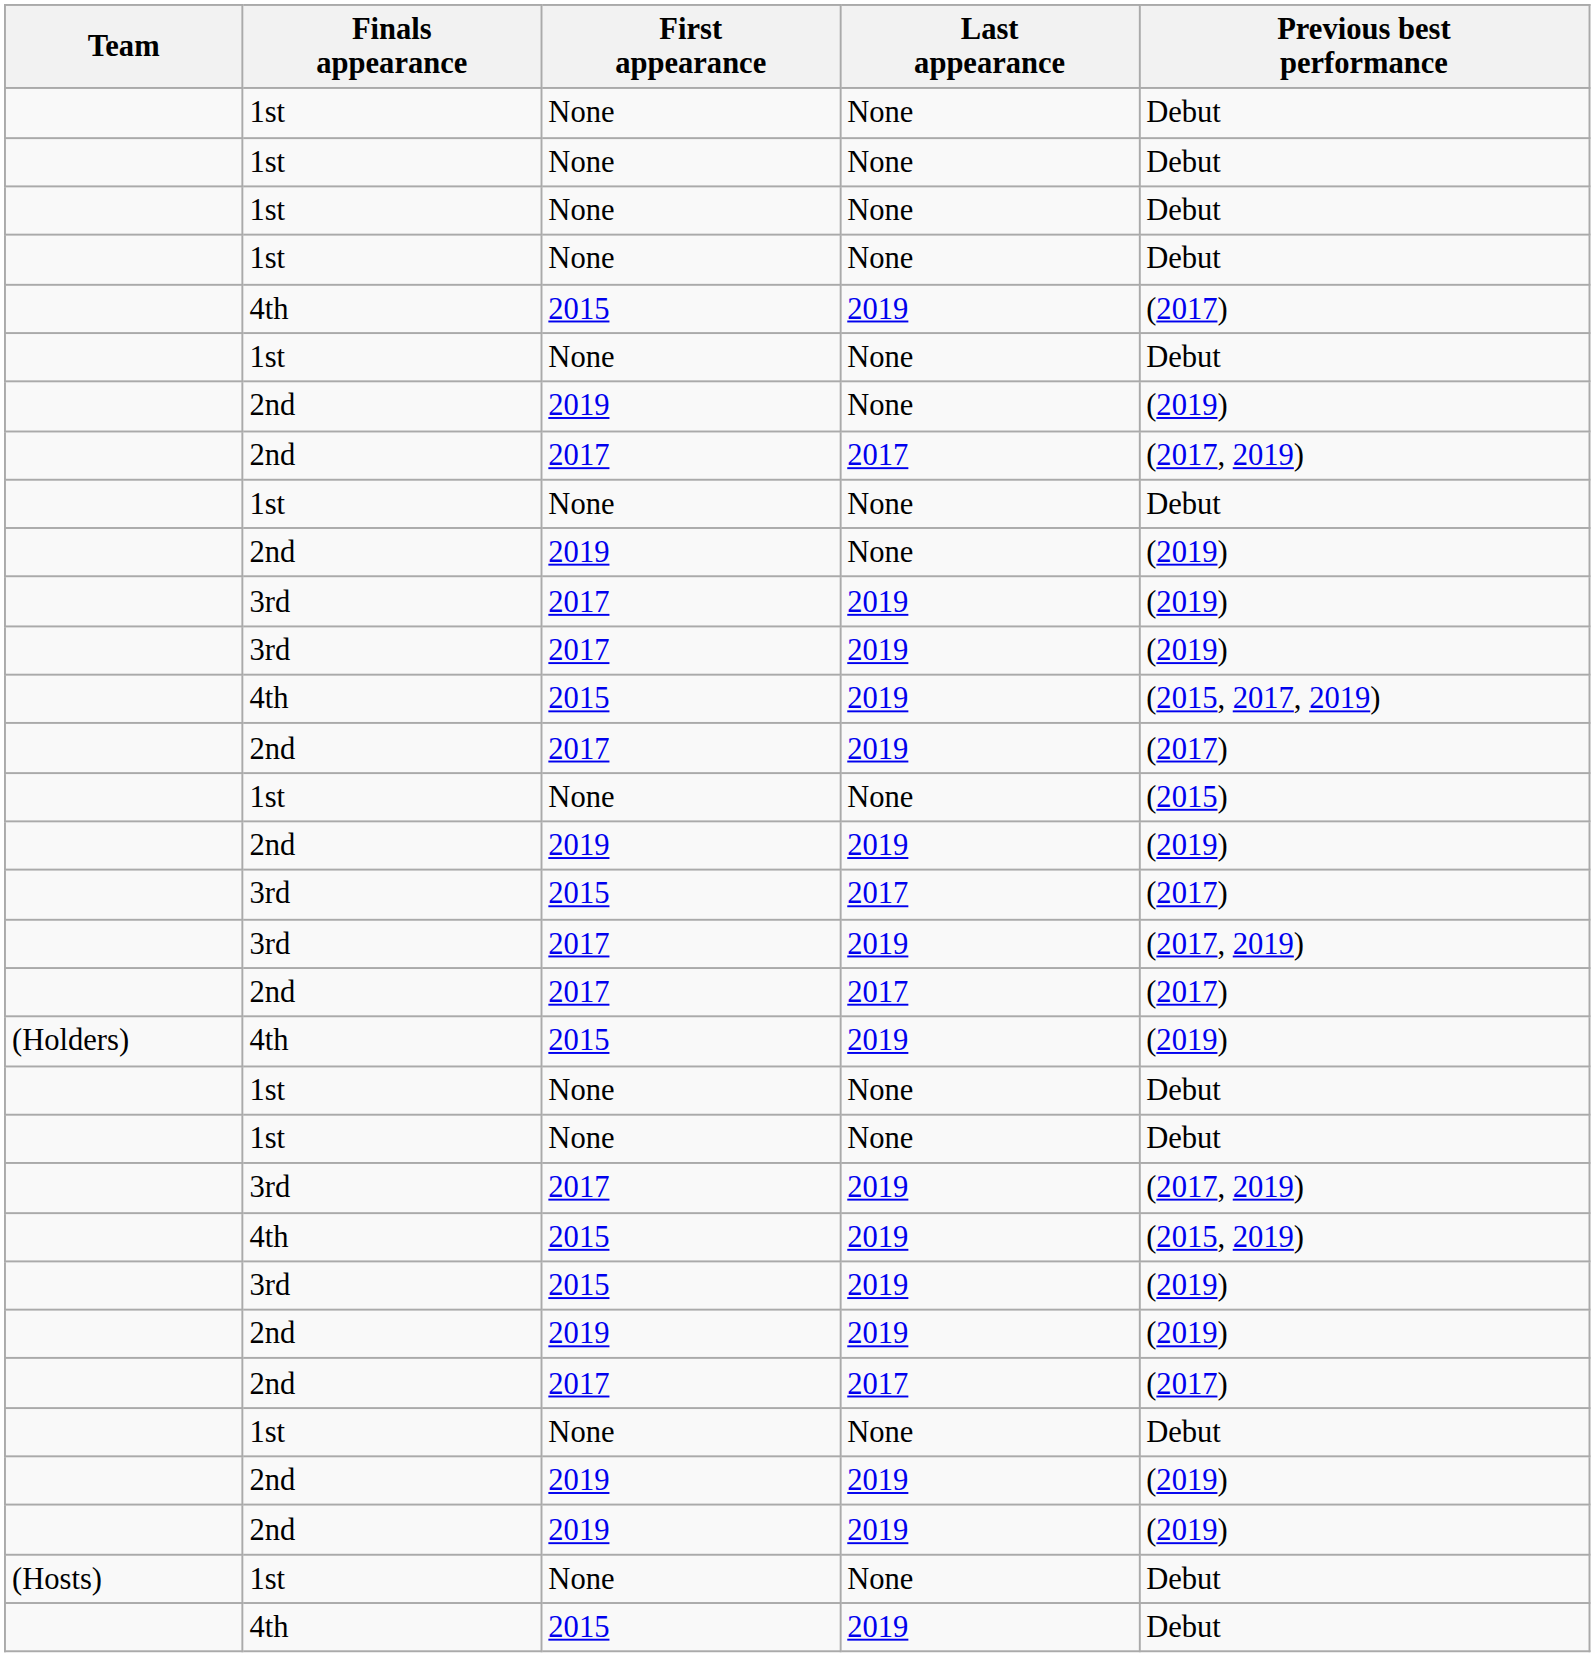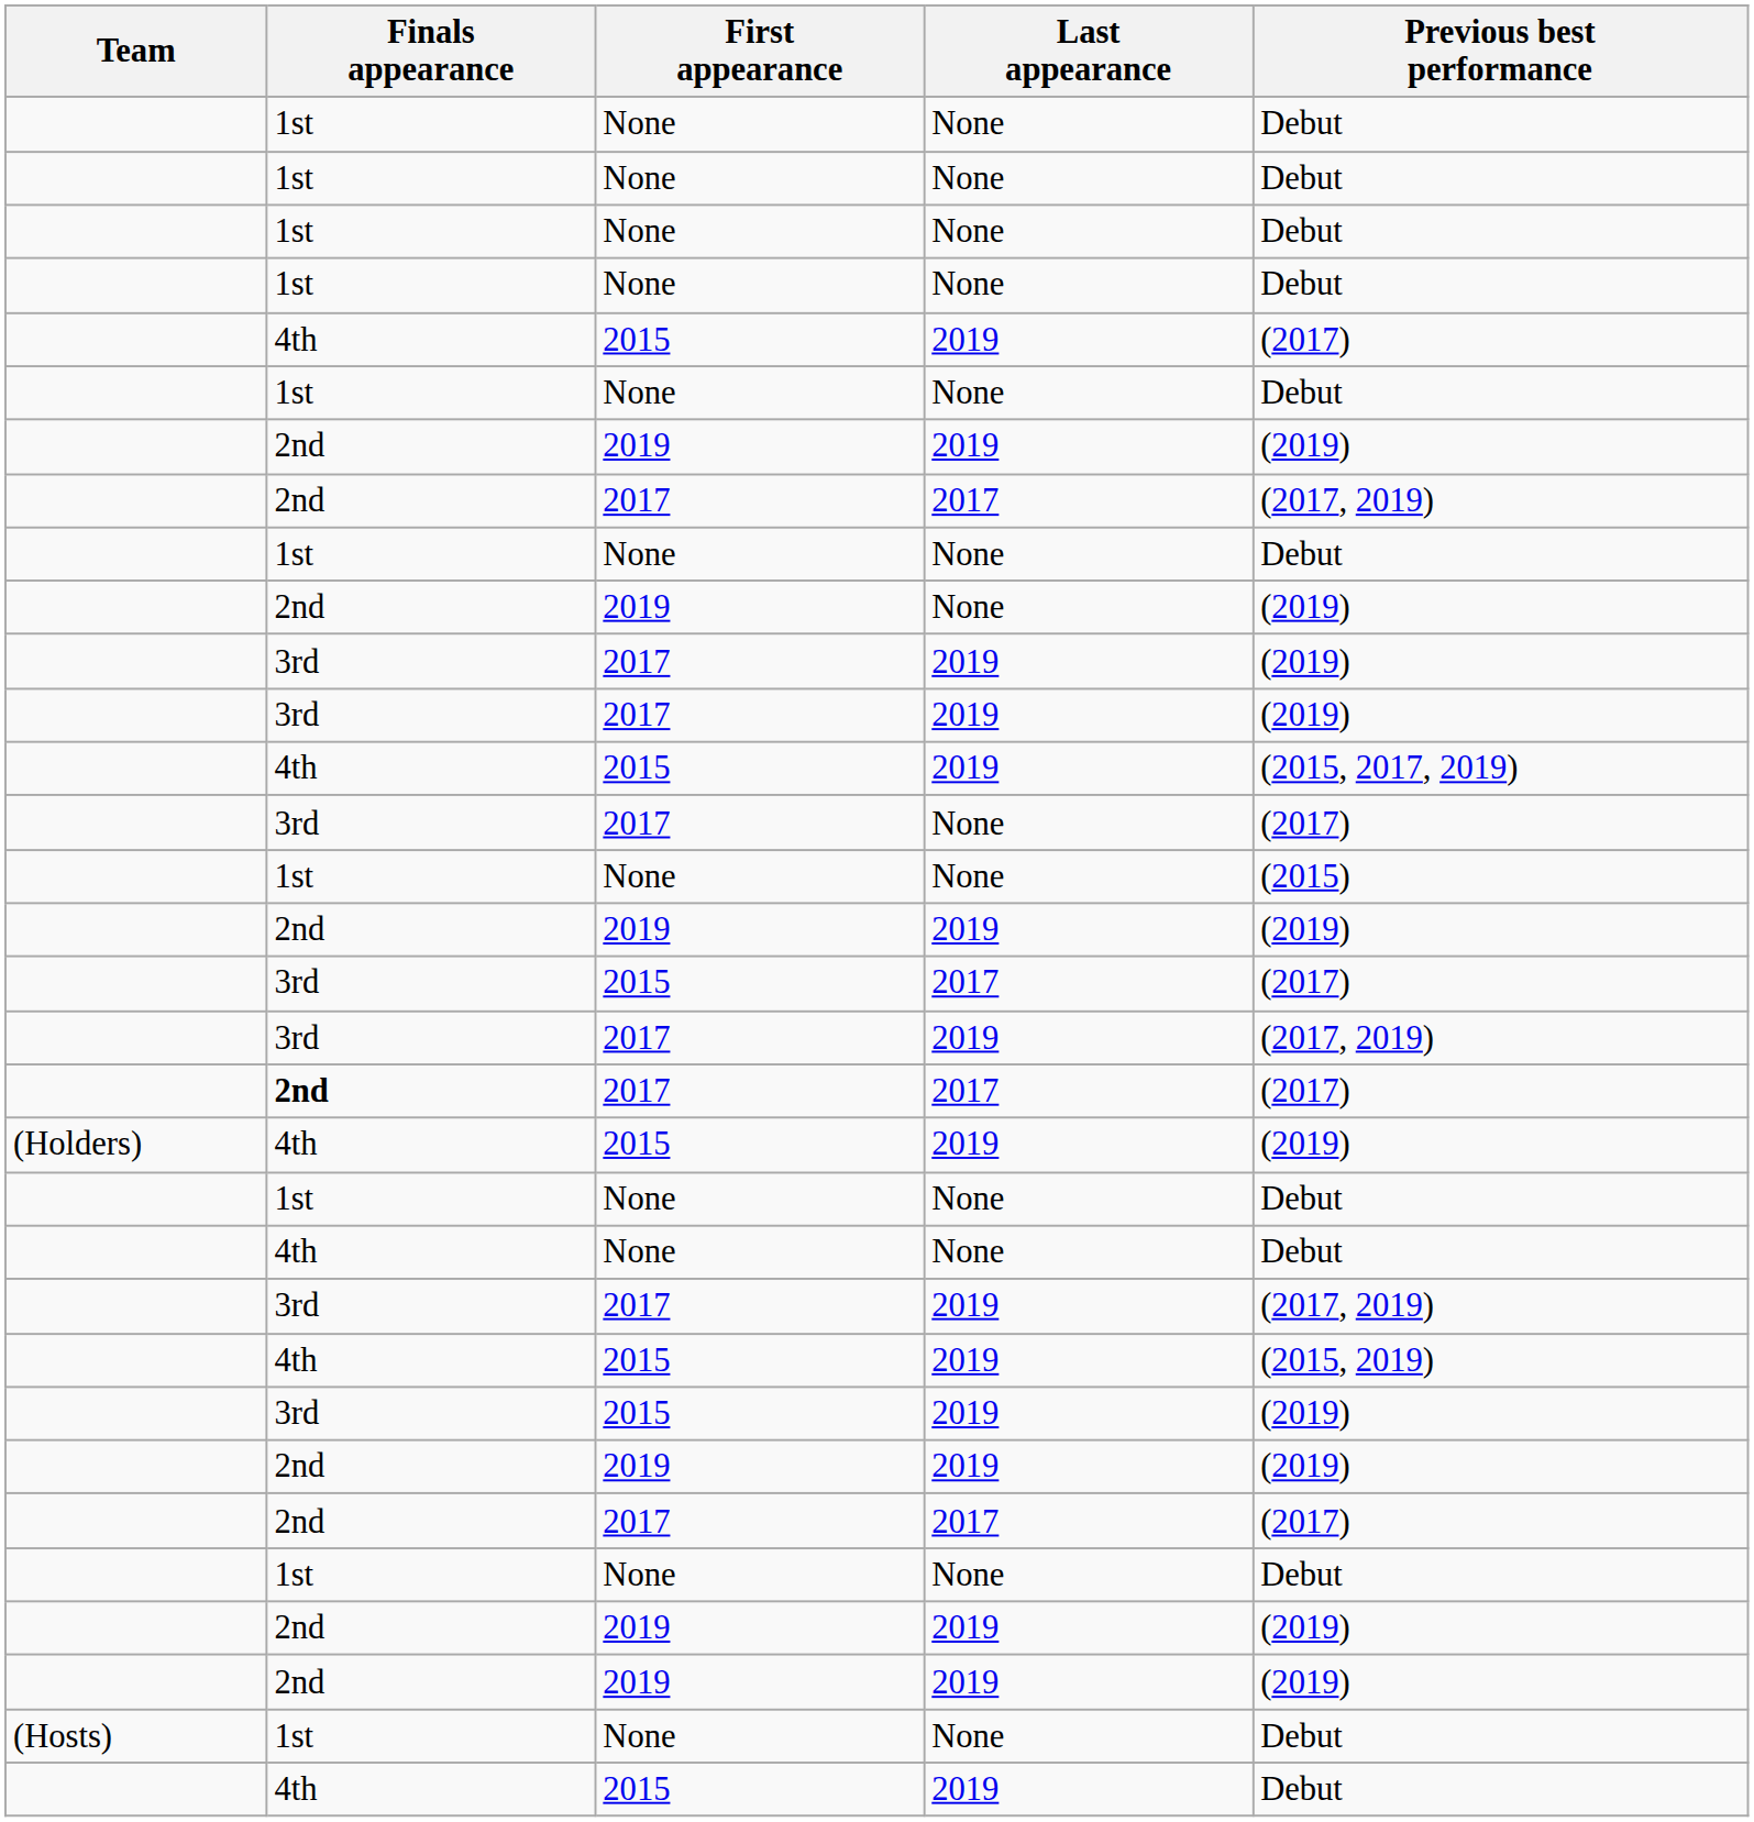 <table class="wikitable" style="font-size:99%; text-align:left;" width="65%">
 <tr>
 <th>Team</th>
 <th>Finals<br>appearance</th>
 <th>First<br>appearance</th>
 <th>Last<br>appearance</th>
 <th>Previous best<br>performance</th>
 </tr>
 <tr>
 <td></td>
 <td>1st</td>
 <td>None</td>
 <td>None</td>
 <td>Debut</td>
 </tr>
 <tr>
 <td></td>
 <td>1st</td>
 <td>None</td>
 <td>None</td>
 <td>Debut</td>
 </tr>
 <tr>
 <td></td>
 <td>1st</td>
 <td>None</td>
 <td>None</td>
 <td>Debut</td>
 </tr>
 <tr>
 <td></td>
 <td>1st</td>
 <td>None</td>
 <td>None</td>
 <td>Debut</td>
 </tr>
 <tr>
 <td></td>
 <td>4th</td>
 <td><a href='#'>2015</a></td>
 <td><a href='#'>2019</a></td>
 <td> (<a href='#'>2017</a>)</td>
 </tr>
 <tr>
 <td></td>
 <td>1st</td>
 <td>None</td>
 <td>None</td>
 <td>Debut</td>
 </tr>
 <tr>
 <td></td>
 <td>2nd</td>
 <td><a href='#'>2019</a></td>
-<td>None</td>
+<td><a href='#'>2019</a></td>
 <td> (<a href='#'>2019</a>)</td>
 </tr>
 <tr>
 <td></td>
 <td>2nd</td>
 <td><a href='#'>2017</a></td>
 <td><a href='#'>2017</a></td>
 <td> (<a href='#'>2017</a>, <a href='#'>2019</a>)</td>
 </tr>
 <tr>
 <td></td>
 <td>1st</td>
 <td>None</td>
 <td>None</td>
 <td>Debut</td>
 </tr>
 <tr>
 <td></td>
 <td>2nd</td>
 <td><a href='#'>2019</a></td>
 <td>None</td>
 <td> (<a href='#'>2019</a>)</td>
 </tr>
 <tr>
 <td></td>
 <td>3rd</td>
 <td><a href='#'>2017</a></td>
 <td><a href='#'>2019</a></td>
 <td> (<a href='#'>2019</a>)</td>
 </tr>
 <tr>
 <td></td>
 <td>3rd</td>
 <td><a href='#'>2017</a></td>
 <td><a href='#'>2019</a></td>
 <td> (<a href='#'>2019</a>)</td>
 </tr>
 <tr>
 <td></td>
 <td>4th</td>
 <td><a href='#'>2015</a></td>
 <td><a href='#'>2019</a></td>
 <td> (<a href='#'>2015</a>, <a href='#'>2017</a>, <a href='#'>2019</a>)</td>
 </tr>
 <tr>
 <td></td>
-<td>2nd</td>
+<td>3rd</td>
 <td><a href='#'>2017</a></td>
-<td><a href='#'>2019</a></td>
+<td>None</td>
 <td> (<a href='#'>2017</a>)</td>
 </tr>
 <tr>
 <td></td>
 <td>1st</td>
 <td>None</td>
 <td>None</td>
 <td> (<a href='#'>2015</a>)</td>
 </tr>
 <tr>
 <td></td>
 <td>2nd</td>
 <td><a href='#'>2019</a></td>
 <td><a href='#'>2019</a></td>
 <td> (<a href='#'>2019</a>)</td>
 </tr>
 <tr>
 <td></td>
 <td>3rd</td>
 <td><a href='#'>2015</a></td>
 <td><a href='#'>2017</a></td>
 <td> (<a href='#'>2017</a>)</td>
 </tr>
 <tr>
 <td></td>
 <td>3rd</td>
 <td><a href='#'>2017</a></td>
 <td><a href='#'>2019</a></td>
 <td> (<a href='#'>2017</a>, <a href='#'>2019</a>)</td>
 </tr>
 <tr>
 <td></td>
-<td>2nd</td>
+<td><strong>2nd</strong></td>
 <td><a href='#'>2017</a></td>
 <td><a href='#'>2017</a></td>
 <td> (<a href='#'>2017</a>)</td>
 </tr>
 <tr>
 <td> (Holders)</td>
 <td>4th</td>
 <td><a href='#'>2015</a></td>
 <td><a href='#'>2019</a></td>
 <td> (<a href='#'>2019</a>)</td>
 </tr>
 <tr>
 <td></td>
 <td>1st</td>
 <td>None</td>
 <td>None</td>
 <td>Debut</td>
 </tr>
 <tr>
 <td></td>
-<td>1st</td>
+<td>4th</td>
 <td>None</td>
 <td>None</td>
 <td>Debut</td>
 </tr>
 <tr>
 <td></td>
 <td>3rd</td>
 <td><a href='#'>2017</a></td>
 <td><a href='#'>2019</a></td>
 <td> (<a href='#'>2017</a>, <a href='#'>2019</a>)</td>
 </tr>
 <tr>
 <td></td>
 <td>4th</td>
 <td><a href='#'>2015</a></td>
 <td><a href='#'>2019</a></td>
 <td> (<a href='#'>2015</a>, <a href='#'>2019</a>)</td>
 </tr>
 <tr>
 <td></td>
 <td>3rd</td>
 <td><a href='#'>2015</a></td>
 <td><a href='#'>2019</a></td>
 <td> (<a href='#'>2019</a>)</td>
 </tr>
 <tr>
 <td></td>
 <td>2nd</td>
 <td><a href='#'>2019</a></td>
 <td><a href='#'>2019</a></td>
 <td> (<a href='#'>2019</a>)</td>
 </tr>
 <tr>
 <td></td>
 <td>2nd</td>
 <td><a href='#'>2017</a></td>
 <td><a href='#'>2017</a></td>
 <td> (<a href='#'>2017</a>)</td>
 </tr>
 <tr>
 <td></td>
 <td>1st</td>
 <td>None</td>
 <td>None</td>
 <td>Debut</td>
 </tr>
 <tr>
 <td></td>
 <td>2nd</td>
 <td><a href='#'>2019</a></td>
 <td><a href='#'>2019</a></td>
 <td> (<a href='#'>2019</a>)</td>
 </tr>
 <tr>
 <td></td>
 <td>2nd</td>
 <td><a href='#'>2019</a></td>
 <td><a href='#'>2019</a></td>
 <td> (<a href='#'>2019</a>)</td>
 </tr>
 <tr>
 <td> (Hosts)</td>
 <td>1st</td>
 <td>None</td>
 <td>None</td>
 <td>Debut</td>
 </tr>
 <tr>
 <td></td>
 <td>4th</td>
 <td><a href='#'>2015</a></td>
 <td><a href='#'>2019</a></td>
 <td>Debut</td>
 </tr>
 </table>
